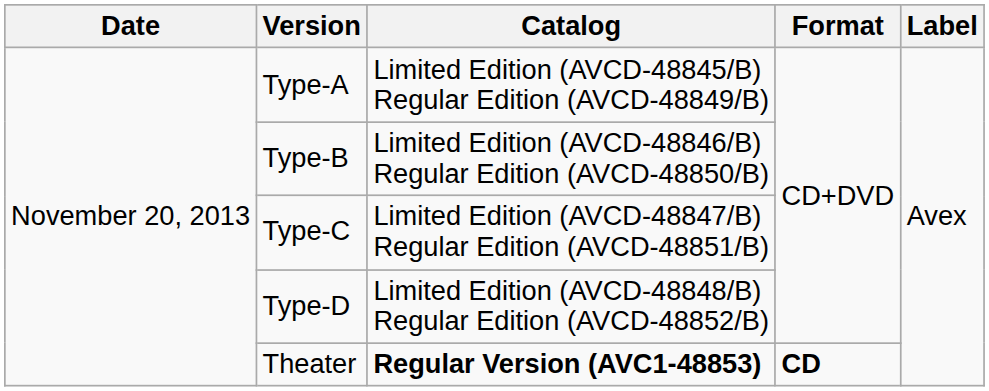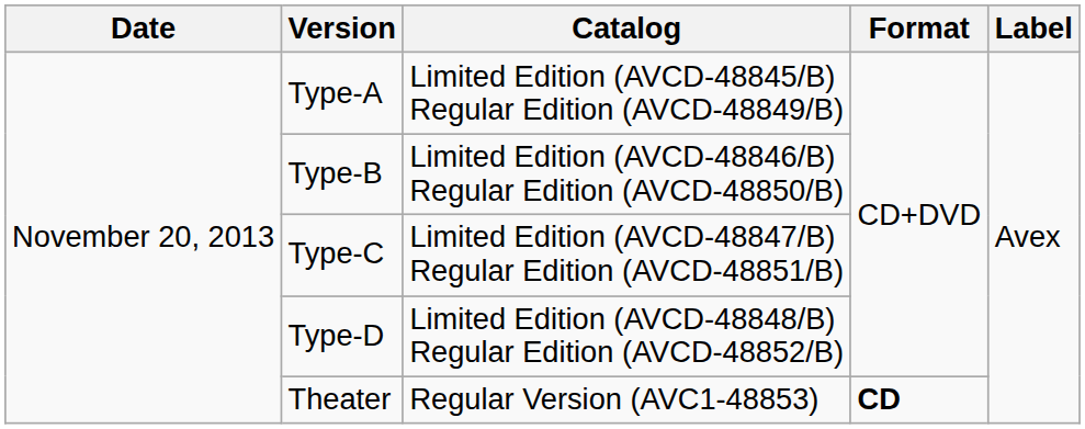 <table class="wikitable plainrowheaders">
 <tr>
 <th scope="col">Date</th>
 <th>Version</th>
 <th>Catalog</th>
 <th>Format</th>
 <th>Label</th>
 </tr>
 <tr>
 <td scope="row" rowspan="5">November 20, 2013</td>
 <td>Type-A</td>
 <td>Limited Edition (AVCD-48845/B)<br>Regular Edition (AVCD-48849/B)</td>
 <td scope="row" rowspan="4">CD+DVD</td>
 <td scope="row" rowspan="5">Avex</td>
 </tr>
 <tr>
 <td>Type-B</td>
 <td>Limited Edition (AVCD-48846/B)<br>Regular Edition (AVCD-48850/B)</td>
 </tr>
 <tr>
 <td>Type-C</td>
 <td>Limited Edition (AVCD-48847/B)<br>Regular Edition (AVCD-48851/B)</td>
 </tr>
 <tr>
 <td>Type-D</td>
 <td>Limited Edition (AVCD-48848/B)<br>Regular Edition (AVCD-48852/B)</td>
 </tr>
 <tr>
 <td>Theater</td>
-<td><strong>Regular Version (AVC1-48853)</strong></td>
+<td>Regular Version (AVC1-48853)</td>
 <td><strong>CD</strong></td>
 </tr>
 </table>
